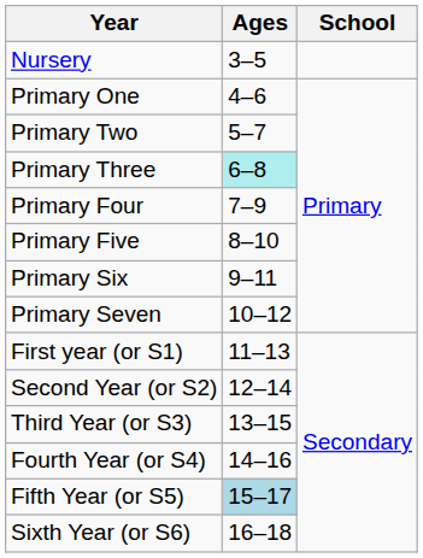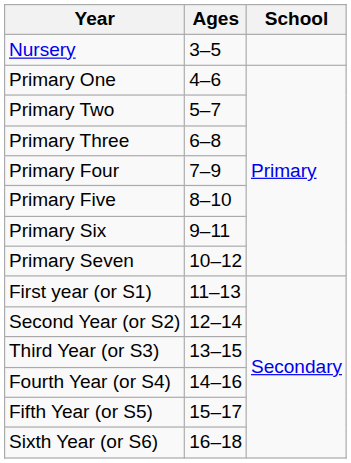 <table class="wikitable">
 <tr>
 <th>Year</th>
 <th>Ages</th>
 <th>School</th>
 </tr>
 <tr>
 <td><a href='#'>Nursery</a></td>
 <td>3–5</td>
 <td></td>
 </tr>
 <tr>
 <td>Primary One</td>
 <td>4–6</td>
 <td rowspan=7><a href='#'>Primary</a></td>
 </tr>
 <tr>
 <td>Primary Two</td>
 <td>5–7</td>
 </tr>
 <tr>
 <td>Primary Three</td>
-<td style="background: paleturquoise;">6–8</td>
+<td>6–8</td>
 </tr>
 <tr>
 <td>Primary Four</td>
 <td>7–9</td>
 </tr>
 <tr>
 <td>Primary Five</td>
 <td>8–10</td>
 </tr>
 <tr>
 <td>Primary Six</td>
 <td>9–11</td>
 </tr>
 <tr>
 <td>Primary Seven</td>
 <td>10–12</td>
 </tr>
 <tr>
 <td>First year (or S1)</td>
 <td>11–13</td>
 <td rowspan=6><a href='#'>Secondary</a></td>
 </tr>
 <tr>
 <td>Second Year (or S2)</td>
 <td>12–14</td>
 </tr>
 <tr>
 <td>Third Year (or S3)</td>
 <td>13–15</td>
 </tr>
 <tr>
 <td>Fourth Year (or S4)</td>
 <td>14–16</td>
 </tr>
 <tr>
 <td>Fifth Year (or S5)</td>
-<td style="background: lightblue;">15–17</td>
+<td>15–17</td>
 </tr>
 <tr>
 <td>Sixth Year (or S6)</td>
 <td>16–18</td>
 </tr>
 </table>
